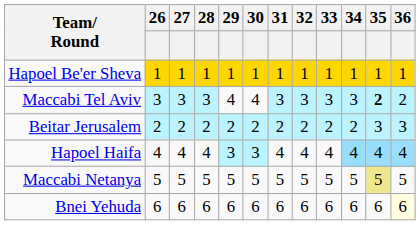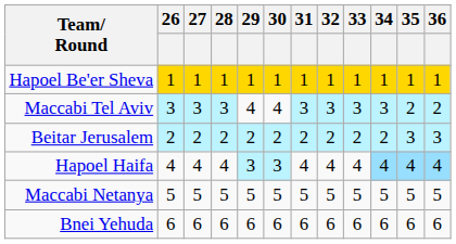 <table class="wikitable sortable" style="text-align: center; font-size: 100%">
 <tr style="background:#EFEFEF">
 <th rowspan=2>Team/<br>Round</th>
 <th>26</th>
 <th>27</th>
 <th>28</th>
 <th>29</th>
 <th>30</th>
 <th>31</th>
 <th>32</th>
 <th>33</th>
 <th>34</th>
 <th>35</th>
 <th>36</th>
 </tr>
 <tr>
 <th height="20"></th>
 <th></th>
 <th></th>
 <th></th>
 <th></th>
 <th></th>
 <th></th>
 <th></th>
 <th></th>
 <th></th>
 <th></th>
 </tr>
 <tr>
 <td align="right"><a href='#'>Hapoel Be'er Sheva</a></td>
 <td bgcolor="gold">1</td>
 <td bgcolor="gold">1</td>
 <td bgcolor="gold">1</td>
 <td bgcolor="gold">1</td>
 <td bgcolor="gold">1</td>
 <td bgcolor="gold">1</td>
 <td bgcolor="gold">1</td>
 <td bgcolor="gold">1</td>
 <td bgcolor="gold">1</td>
 <td bgcolor="gold">1</td>
 <td bgcolor="gold">1</td>
 </tr>
 <tr>
 <td align="right"><a href='#'>Maccabi Tel Aviv</a></td>
 <td bgcolor="BBF3FF">3</td>
 <td bgcolor="BBF3FF">3</td>
 <td bgcolor="BBF3FF">3</td>
 <td>4</td>
 <td>4</td>
 <td bgcolor="BBF3FF">3</td>
 <td bgcolor="BBF3FF">3</td>
 <td bgcolor="BBF3FF">3</td>
 <td bgcolor="BBF3FF">3</td>
-<td bgcolor="BBF3FF"><strong>2</strong></td>
+<td bgcolor="BBF3FF">2</td>
 <td bgcolor="BBF3FF">2</td>
 </tr>
 <tr>
 <td align="right"><a href='#'>Beitar Jerusalem</a></td>
 <td bgcolor="BBF3FF">2</td>
 <td bgcolor="BBF3FF">2</td>
 <td bgcolor="BBF3FF">2</td>
 <td bgcolor="BBF3FF">2</td>
 <td bgcolor="BBF3FF">2</td>
 <td bgcolor="BBF3FF">2</td>
 <td bgcolor="BBF3FF">2</td>
 <td bgcolor="BBF3FF">2</td>
 <td bgcolor="BBF3FF">2</td>
 <td bgcolor="BBF3FF">3</td>
 <td bgcolor="BBF3FF">3</td>
 </tr>
 <tr>
 <td align="right"><a href='#'>Hapoel Haifa</a></td>
 <td>4</td>
 <td>4</td>
 <td>4</td>
 <td bgcolor="BBF3FF">3</td>
 <td bgcolor="BBF3FF">3</td>
 <td>4</td>
 <td>4</td>
 <td>4</td>
 <td bgcolor="97DEFF">4</td>
 <td bgcolor="97DEFF">4</td>
 <td bgcolor="97DEFF">4</td>
 </tr>
 <tr>
 <td align="right"><a href='#'>Maccabi Netanya</a></td>
 <td>5</td>
 <td>5</td>
 <td>5</td>
 <td>5</td>
 <td>5</td>
 <td>5</td>
 <td>5</td>
 <td>5</td>
 <td>5</td>
-<td style="background: khaki;">5</td>
+<td>5</td>
 <td>5</td>
 </tr>
 <tr>
 <td align="right"><a href='#'>Bnei Yehuda</a></td>
 <td>6</td>
 <td>6</td>
 <td>6</td>
 <td>6</td>
 <td>6</td>
 <td>6</td>
 <td>6</td>
 <td>6</td>
 <td>6</td>
 <td>6</td>
-<td style="background: lightyellow;">6</td>
+<td>6</td>
 </tr>
 </table>
